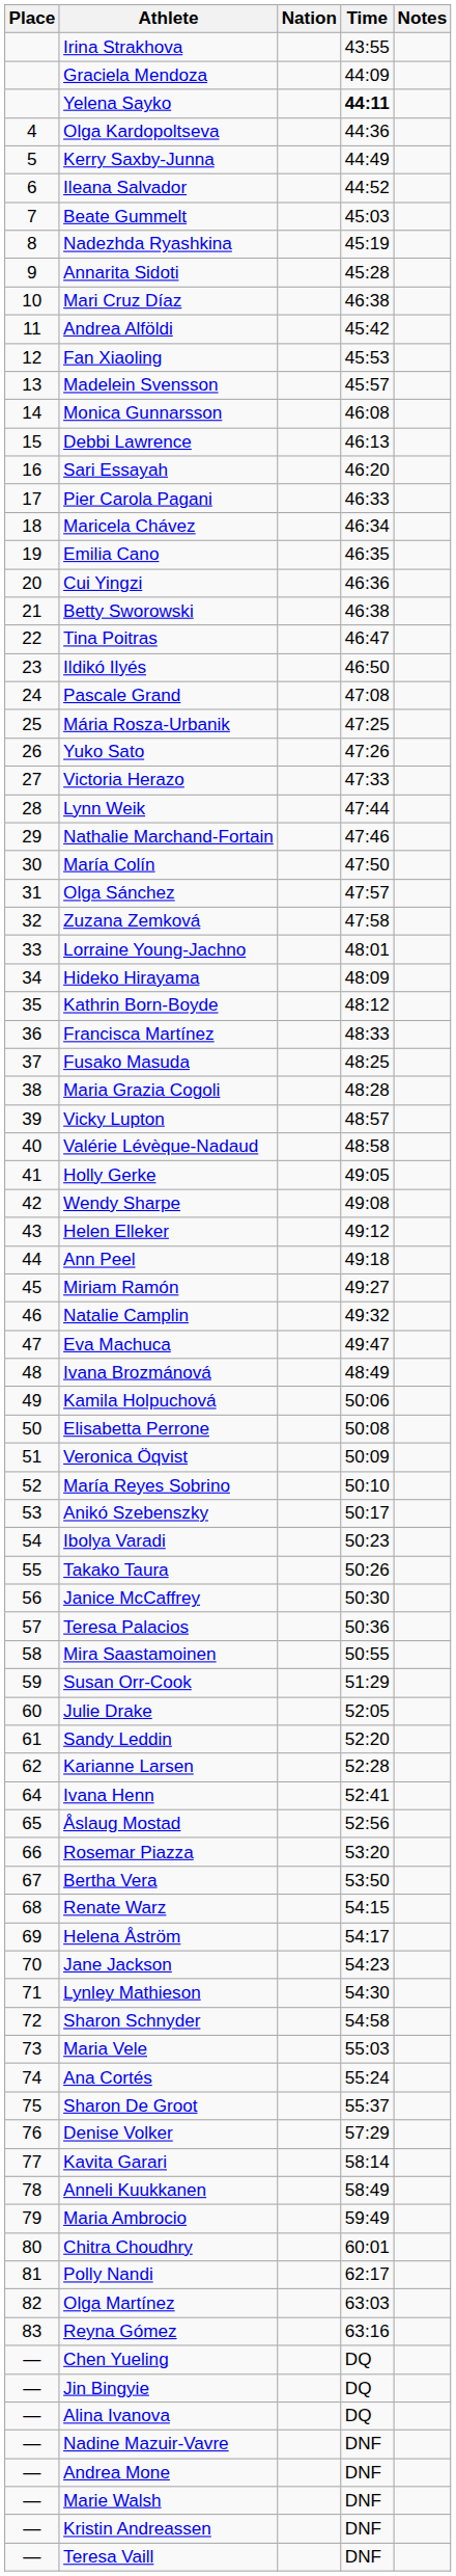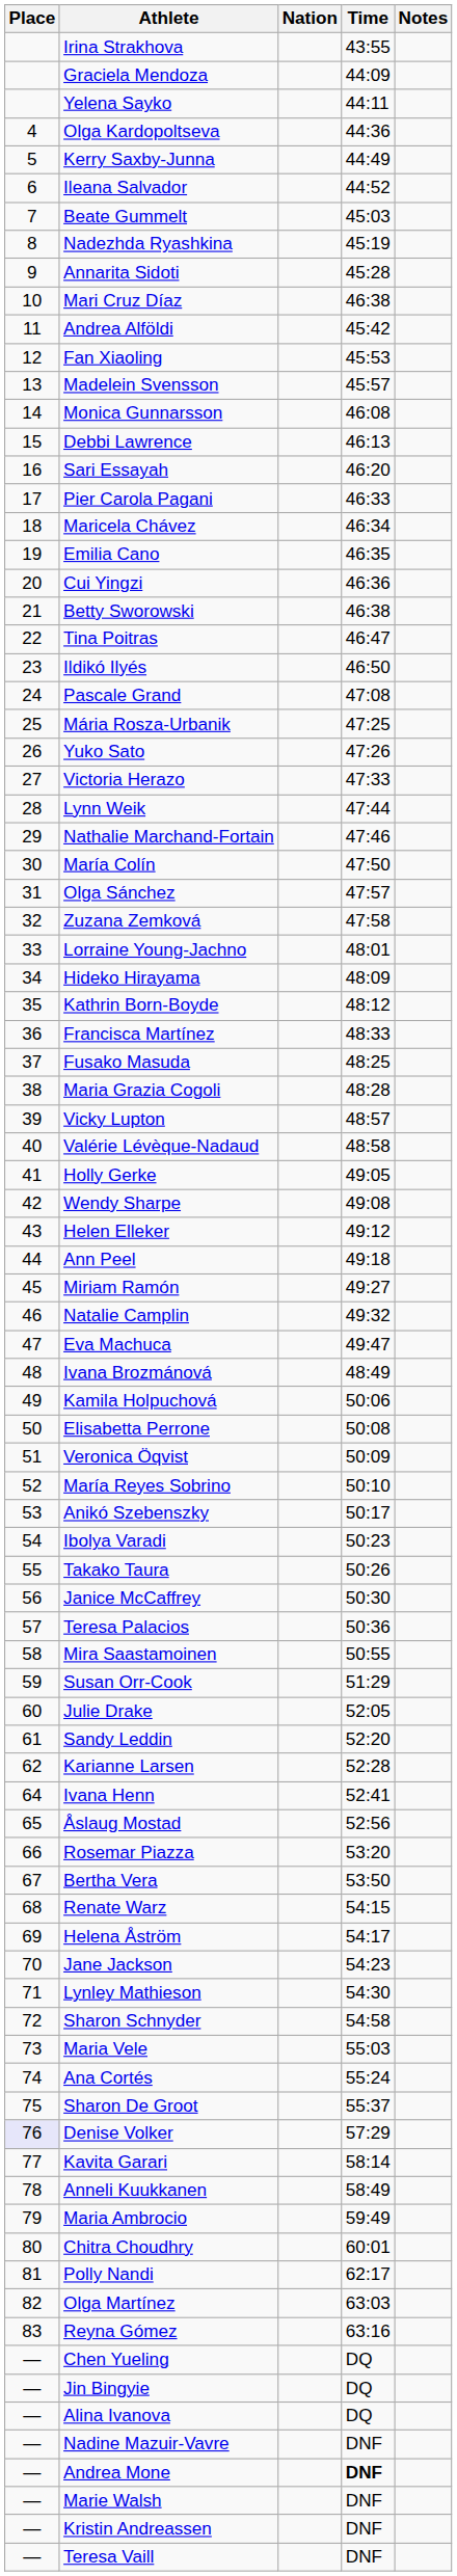 <table class="wikitable sortable">
 <tr>
 <th>Place</th>
 <th>Athlete</th>
 <th>Nation</th>
 <th>Time</th>
 <th>Notes</th>
 </tr>
 <tr>
 <td align=center></td>
 <td><a href='#'>Irina Strakhova</a></td>
 <td></td>
 <td>43:55</td>
 <td> </td>
 </tr>
 <tr>
 <td align=center></td>
 <td><a href='#'>Graciela Mendoza</a></td>
 <td></td>
 <td>44:09</td>
 <td> </td>
 </tr>
 <tr>
 <td align=center></td>
 <td><a href='#'>Yelena Sayko</a></td>
 <td></td>
-<td><strong>44:11</strong></td>
+<td>44:11</td>
 <td> </td>
 </tr>
 <tr>
 <td align=center>4</td>
 <td><a href='#'>Olga Kardopoltseva</a></td>
 <td></td>
 <td>44:36</td>
 <td> </td>
 </tr>
 <tr>
 <td align=center>5</td>
 <td><a href='#'>Kerry Saxby-Junna</a></td>
 <td></td>
 <td>44:49</td>
 <td> </td>
 </tr>
 <tr>
 <td align=center>6</td>
 <td><a href='#'>Ileana Salvador</a></td>
 <td></td>
 <td>44:52</td>
 <td> </td>
 </tr>
 <tr>
 <td align=center>7</td>
 <td><a href='#'>Beate Gummelt</a></td>
 <td></td>
 <td>45:03</td>
 <td> </td>
 </tr>
 <tr>
 <td align=center>8</td>
 <td><a href='#'>Nadezhda Ryashkina</a></td>
 <td></td>
 <td>45:19</td>
 <td> </td>
 </tr>
 <tr>
 <td align=center>9</td>
 <td><a href='#'>Annarita Sidoti</a></td>
 <td></td>
 <td>45:28</td>
 <td> </td>
 </tr>
 <tr>
 <td align=center>10</td>
 <td><a href='#'>Mari Cruz Díaz</a></td>
 <td></td>
 <td>46:38</td>
 <td> </td>
 </tr>
 <tr>
 <td align=center>11</td>
 <td><a href='#'>Andrea Alföldi</a></td>
 <td></td>
 <td>45:42</td>
 <td> </td>
 </tr>
 <tr>
 <td align=center>12</td>
 <td><a href='#'>Fan Xiaoling</a></td>
 <td></td>
 <td>45:53</td>
 <td> </td>
 </tr>
 <tr>
 <td align=center>13</td>
 <td><a href='#'>Madelein Svensson</a></td>
 <td></td>
 <td>45:57</td>
 <td> </td>
 </tr>
 <tr>
 <td align=center>14</td>
 <td><a href='#'>Monica Gunnarsson</a></td>
 <td></td>
 <td>46:08</td>
 <td> </td>
 </tr>
 <tr>
 <td align=center>15</td>
 <td><a href='#'>Debbi Lawrence</a></td>
 <td></td>
 <td>46:13</td>
 <td> </td>
 </tr>
 <tr>
 <td align=center>16</td>
 <td><a href='#'>Sari Essayah</a></td>
 <td></td>
 <td>46:20</td>
 <td> </td>
 </tr>
 <tr>
 <td align=center>17</td>
 <td><a href='#'>Pier Carola Pagani</a></td>
 <td></td>
 <td>46:33</td>
 <td> </td>
 </tr>
 <tr>
 <td align=center>18</td>
 <td><a href='#'>Maricela Chávez</a></td>
 <td></td>
 <td>46:34</td>
 <td> </td>
 </tr>
 <tr>
 <td align=center>19</td>
 <td><a href='#'>Emilia Cano</a></td>
 <td></td>
 <td>46:35</td>
 <td> </td>
 </tr>
 <tr>
 <td align=center>20</td>
 <td><a href='#'>Cui Yingzi</a></td>
 <td></td>
 <td>46:36</td>
 <td> </td>
 </tr>
 <tr>
 <td align=center>21</td>
 <td><a href='#'>Betty Sworowski</a></td>
 <td></td>
 <td>46:38</td>
 <td></td>
 </tr>
 <tr>
 <td align=center>22</td>
 <td><a href='#'>Tina Poitras</a></td>
 <td></td>
 <td>46:47</td>
 <td></td>
 </tr>
 <tr>
 <td align=center>23</td>
 <td><a href='#'>Ildikó Ilyés</a></td>
 <td></td>
 <td>46:50</td>
 <td></td>
 </tr>
 <tr>
 <td align=center>24</td>
 <td><a href='#'>Pascale Grand</a></td>
 <td></td>
 <td>47:08</td>
 <td></td>
 </tr>
 <tr>
 <td align=center>25</td>
 <td><a href='#'>Mária Rosza-Urbanik</a></td>
 <td></td>
 <td>47:25</td>
 <td></td>
 </tr>
 <tr>
 <td align=center>26</td>
 <td><a href='#'>Yuko Sato</a></td>
 <td></td>
 <td>47:26</td>
 <td></td>
 </tr>
 <tr>
 <td align=center>27</td>
 <td><a href='#'>Victoria Herazo</a></td>
 <td></td>
 <td>47:33</td>
 <td></td>
 </tr>
 <tr>
 <td align=center>28</td>
 <td><a href='#'>Lynn Weik</a></td>
 <td></td>
 <td>47:44</td>
 <td></td>
 </tr>
 <tr>
 <td align=center>29</td>
 <td><a href='#'>Nathalie Marchand-Fortain</a></td>
 <td></td>
 <td>47:46</td>
 <td></td>
 </tr>
 <tr>
 <td align=center>30</td>
 <td><a href='#'>María Colín</a></td>
 <td></td>
 <td>47:50</td>
 <td></td>
 </tr>
 <tr>
 <td align=center>31</td>
 <td><a href='#'>Olga Sánchez</a></td>
 <td></td>
 <td>47:57</td>
 <td></td>
 </tr>
 <tr>
 <td align=center>32</td>
 <td><a href='#'>Zuzana Zemková</a></td>
 <td></td>
 <td>47:58</td>
 <td></td>
 </tr>
 <tr>
 <td align=center>33</td>
 <td><a href='#'>Lorraine Young-Jachno</a></td>
 <td></td>
 <td>48:01</td>
 <td></td>
 </tr>
 <tr>
 <td align=center>34</td>
 <td><a href='#'>Hideko Hirayama</a></td>
 <td></td>
 <td>48:09</td>
 <td></td>
 </tr>
 <tr>
 <td align=center>35</td>
 <td><a href='#'>Kathrin Born-Boyde</a></td>
 <td></td>
 <td>48:12</td>
 <td></td>
 </tr>
 <tr>
 <td align=center>36</td>
 <td><a href='#'>Francisca Martínez</a></td>
 <td></td>
 <td>48:33</td>
 <td></td>
 </tr>
 <tr>
 <td align=center>37</td>
 <td><a href='#'>Fusako Masuda</a></td>
 <td></td>
 <td>48:25</td>
 <td></td>
 </tr>
 <tr>
 <td align=center>38</td>
 <td><a href='#'>Maria Grazia Cogoli</a></td>
 <td></td>
 <td>48:28</td>
 <td></td>
 </tr>
 <tr>
 <td align=center>39</td>
 <td><a href='#'>Vicky Lupton</a></td>
 <td></td>
 <td>48:57</td>
 <td></td>
 </tr>
 <tr>
 <td align=center>40</td>
 <td><a href='#'>Valérie Lévèque-Nadaud</a></td>
 <td></td>
 <td>48:58</td>
 <td></td>
 </tr>
 <tr>
 <td align=center>41</td>
 <td><a href='#'>Holly Gerke</a></td>
 <td></td>
 <td>49:05</td>
 <td></td>
 </tr>
 <tr>
 <td align=center>42</td>
 <td><a href='#'>Wendy Sharpe</a></td>
 <td></td>
 <td>49:08</td>
 <td></td>
 </tr>
 <tr>
 <td align=center>43</td>
 <td><a href='#'>Helen Elleker</a></td>
 <td></td>
 <td>49:12</td>
 <td></td>
 </tr>
 <tr>
 <td align=center>44</td>
 <td><a href='#'>Ann Peel</a></td>
 <td></td>
 <td>49:18</td>
 <td></td>
 </tr>
 <tr>
 <td align=center>45</td>
 <td><a href='#'>Miriam Ramón</a></td>
 <td></td>
 <td>49:27</td>
 <td></td>
 </tr>
 <tr>
 <td align=center>46</td>
 <td><a href='#'>Natalie Camplin</a></td>
 <td></td>
 <td>49:32</td>
 <td></td>
 </tr>
 <tr>
 <td align=center>47</td>
 <td><a href='#'>Eva Machuca</a></td>
 <td></td>
 <td>49:47</td>
 <td></td>
 </tr>
 <tr>
 <td align=center>48</td>
 <td><a href='#'>Ivana Brozmánová</a></td>
 <td></td>
 <td>48:49</td>
 <td></td>
 </tr>
 <tr>
 <td align=center>49</td>
 <td><a href='#'>Kamila Holpuchová</a></td>
 <td></td>
 <td>50:06</td>
 <td></td>
 </tr>
 <tr>
 <td align=center>50</td>
 <td><a href='#'>Elisabetta Perrone</a></td>
 <td></td>
 <td>50:08</td>
 <td></td>
 </tr>
 <tr>
 <td align=center>51</td>
 <td><a href='#'>Veronica Öqvist</a></td>
 <td></td>
 <td>50:09</td>
 <td></td>
 </tr>
 <tr>
 <td align=center>52</td>
 <td><a href='#'>María Reyes Sobrino</a></td>
 <td></td>
 <td>50:10</td>
 <td></td>
 </tr>
 <tr>
 <td align=center>53</td>
 <td><a href='#'>Anikó Szebenszky</a></td>
 <td></td>
 <td>50:17</td>
 <td></td>
 </tr>
 <tr>
 <td align=center>54</td>
 <td><a href='#'>Ibolya Varadi</a></td>
 <td></td>
 <td>50:23</td>
 <td></td>
 </tr>
 <tr>
 <td align=center>55</td>
 <td><a href='#'>Takako Taura</a></td>
 <td></td>
 <td>50:26</td>
 <td></td>
 </tr>
 <tr>
 <td align=center>56</td>
 <td><a href='#'>Janice McCaffrey</a></td>
 <td></td>
 <td>50:30</td>
 <td></td>
 </tr>
 <tr>
 <td align=center>57</td>
 <td><a href='#'>Teresa Palacios</a></td>
 <td></td>
 <td>50:36</td>
 <td></td>
 </tr>
 <tr>
 <td align=center>58</td>
 <td><a href='#'>Mira Saastamoinen</a></td>
 <td></td>
 <td>50:55</td>
 <td></td>
 </tr>
 <tr>
 <td align=center>59</td>
 <td><a href='#'>Susan Orr-Cook</a></td>
 <td></td>
 <td>51:29</td>
 <td></td>
 </tr>
 <tr>
 <td align=center>60</td>
 <td><a href='#'>Julie Drake</a></td>
 <td></td>
 <td>52:05</td>
 <td></td>
 </tr>
 <tr>
 <td align=center>61</td>
 <td><a href='#'>Sandy Leddin</a></td>
 <td></td>
 <td>52:20</td>
 <td></td>
 </tr>
 <tr>
 <td align=center>62</td>
 <td><a href='#'>Karianne Larsen</a></td>
 <td></td>
 <td>52:28</td>
 <td></td>
 </tr>
 <tr>
 <td align=center>64</td>
 <td><a href='#'>Ivana Henn</a></td>
 <td></td>
 <td>52:41</td>
 <td></td>
 </tr>
 <tr>
 <td align=center>65</td>
 <td><a href='#'>Åslaug Mostad</a></td>
 <td></td>
 <td>52:56</td>
 <td></td>
 </tr>
 <tr>
 <td align=center>66</td>
 <td><a href='#'>Rosemar Piazza</a></td>
 <td></td>
 <td>53:20</td>
 <td></td>
 </tr>
 <tr>
 <td align=center>67</td>
 <td><a href='#'>Bertha Vera</a></td>
 <td></td>
 <td>53:50</td>
 <td></td>
 </tr>
 <tr>
 <td align=center>68</td>
 <td><a href='#'>Renate Warz</a></td>
 <td></td>
 <td>54:15</td>
 <td></td>
 </tr>
 <tr>
 <td align=center>69</td>
 <td><a href='#'>Helena Åström</a></td>
 <td></td>
 <td>54:17</td>
 <td></td>
 </tr>
 <tr>
 <td align=center>70</td>
 <td><a href='#'>Jane Jackson</a></td>
 <td></td>
 <td>54:23</td>
 <td></td>
 </tr>
 <tr>
 <td align=center>71</td>
 <td><a href='#'>Lynley Mathieson</a></td>
 <td></td>
 <td>54:30</td>
 <td></td>
 </tr>
 <tr>
 <td align=center>72</td>
 <td><a href='#'>Sharon Schnyder</a></td>
 <td></td>
 <td>54:58</td>
 <td></td>
 </tr>
 <tr>
 <td align=center>73</td>
 <td><a href='#'>Maria Vele</a></td>
 <td></td>
 <td>55:03</td>
 <td></td>
 </tr>
 <tr>
 <td align=center>74</td>
 <td><a href='#'>Ana Cortés</a></td>
 <td></td>
 <td>55:24</td>
 <td></td>
 </tr>
 <tr>
 <td align=center>75</td>
 <td><a href='#'>Sharon De Groot</a></td>
 <td></td>
 <td>55:37</td>
 <td></td>
 </tr>
 <tr>
-<td align=center>76</td>
+<td align=center style="background: lavender;">76</td>
 <td><a href='#'>Denise Volker</a></td>
 <td></td>
 <td>57:29</td>
 <td></td>
 </tr>
 <tr>
 <td align=center>77</td>
 <td><a href='#'>Kavita Garari</a></td>
 <td></td>
 <td>58:14</td>
 <td></td>
 </tr>
 <tr>
 <td align=center>78</td>
 <td><a href='#'>Anneli Kuukkanen</a></td>
 <td></td>
 <td>58:49</td>
 <td></td>
 </tr>
 <tr>
 <td align=center>79</td>
 <td><a href='#'>Maria Ambrocio</a></td>
 <td></td>
 <td>59:49</td>
 <td></td>
 </tr>
 <tr>
 <td align=center>80</td>
 <td><a href='#'>Chitra Choudhry</a></td>
 <td></td>
 <td>60:01</td>
 <td></td>
 </tr>
 <tr>
 <td align=center>81</td>
 <td><a href='#'>Polly Nandi</a></td>
 <td></td>
 <td>62:17</td>
 <td></td>
 </tr>
 <tr>
 <td align=center>82</td>
 <td><a href='#'>Olga Martínez</a></td>
 <td></td>
 <td>63:03</td>
 <td></td>
 </tr>
 <tr>
 <td align=center>83</td>
 <td><a href='#'>Reyna Gómez</a></td>
 <td></td>
 <td>63:16</td>
 <td></td>
 </tr>
 <tr>
 <td align=center>—</td>
 <td><a href='#'>Chen Yueling</a></td>
 <td></td>
 <td>DQ</td>
 <td></td>
 </tr>
 <tr>
 <td align=center>—</td>
 <td><a href='#'>Jin Bingyie</a></td>
 <td></td>
 <td>DQ</td>
 <td></td>
 </tr>
 <tr>
 <td align=center>—</td>
 <td><a href='#'>Alina Ivanova</a></td>
 <td></td>
 <td>DQ</td>
 <td></td>
 </tr>
 <tr>
 <td align=center>—</td>
 <td><a href='#'>Nadine Mazuir-Vavre</a></td>
 <td></td>
 <td>DNF</td>
 <td></td>
 </tr>
 <tr>
 <td align=center>—</td>
 <td><a href='#'>Andrea Mone</a></td>
 <td></td>
-<td>DNF</td>
+<td><strong>DNF</strong></td>
 <td></td>
 </tr>
 <tr>
 <td align=center>—</td>
 <td><a href='#'>Marie Walsh</a></td>
 <td></td>
 <td>DNF</td>
 <td></td>
 </tr>
 <tr>
 <td align=center>—</td>
 <td><a href='#'>Kristin Andreassen</a></td>
 <td></td>
 <td>DNF</td>
 <td></td>
 </tr>
 <tr>
 <td align=center>—</td>
 <td><a href='#'>Teresa Vaill</a></td>
 <td></td>
 <td>DNF</td>
 <td></td>
 </tr>
 </table>
